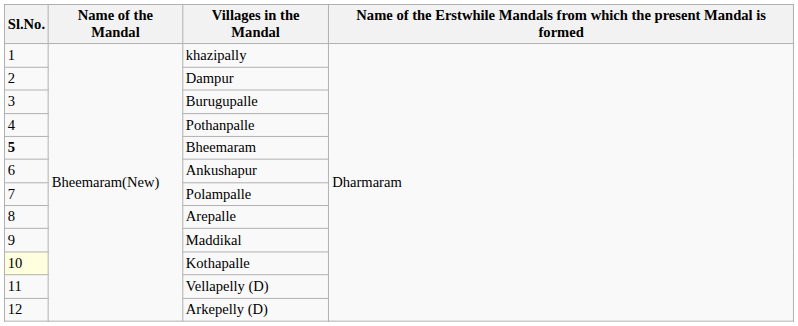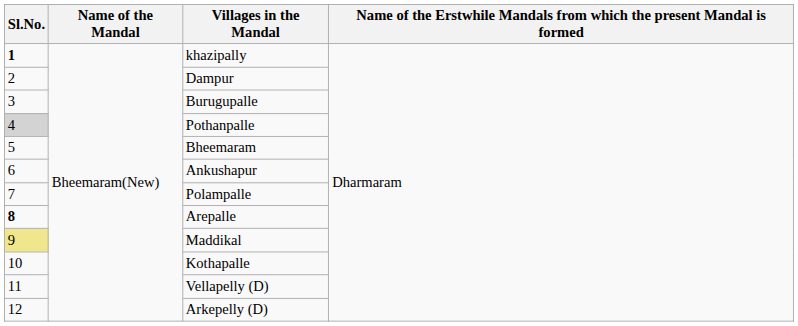 <table class="wikitable">
 <tr>
 <th>Sl.No.</th>
 <th>Name of the Mandal</th>
 <th>Villages in the Mandal</th>
 <th>Name of the Erstwhile Mandals from which the present Mandal is formed</th>
 </tr>
 <tr>
-<td>1</td>
+<td><strong>1</strong></td>
 <td rowspan="12">Bheemaram(New)</td>
 <td>khazipally</td>
 <td rowspan="12">Dharmaram</td>
 </tr>
 <tr>
 <td>2</td>
 <td>Dampur</td>
 </tr>
 <tr>
 <td>3</td>
 <td>Burugupalle</td>
 </tr>
 <tr>
-<td>4</td>
+<td style="background: lightgrey;">4</td>
 <td>Pothanpalle</td>
 </tr>
 <tr>
-<td><strong>5</strong></td>
+<td>5</td>
 <td>Bheemaram</td>
 </tr>
 <tr>
 <td>6</td>
 <td>Ankushapur</td>
 </tr>
 <tr>
 <td>7</td>
 <td>Polampalle</td>
 </tr>
 <tr>
-<td>8</td>
+<td><strong>8</strong></td>
 <td>Arepalle</td>
 </tr>
 <tr>
-<td>9</td>
+<td style="background: khaki;">9</td>
 <td>Maddikal</td>
 </tr>
 <tr>
-<td style="background: lightyellow;">10</td>
+<td>10</td>
 <td>Kothapalle</td>
 </tr>
 <tr>
 <td>11</td>
 <td>Vellapelly (D)</td>
 </tr>
 <tr>
 <td>12</td>
 <td>Arkepelly (D)</td>
 </tr>
 </table>
